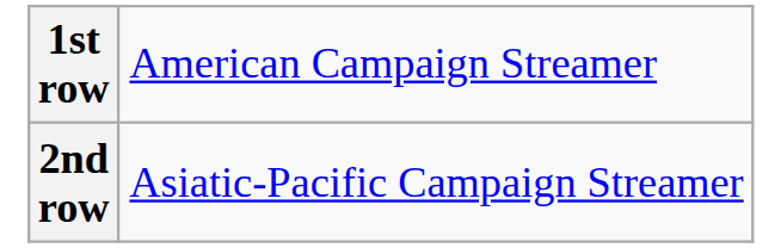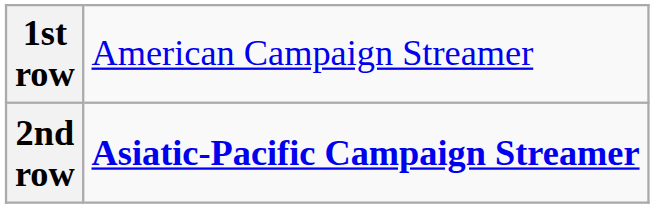 <table class="wikitable" style="margin:1em auto;">
 <tr>
 <th>1st<br>row</th>
 <td><a href='#'>American Campaign Streamer</a></td>
 </tr>
 <tr>
 <th>2nd<br>row</th>
-<td><a href='#'>Asiatic-Pacific Campaign Streamer</a></td>
+<td><strong><a href='#'>Asiatic-Pacific Campaign Streamer</a></strong></td>
 </tr>
 </table>
